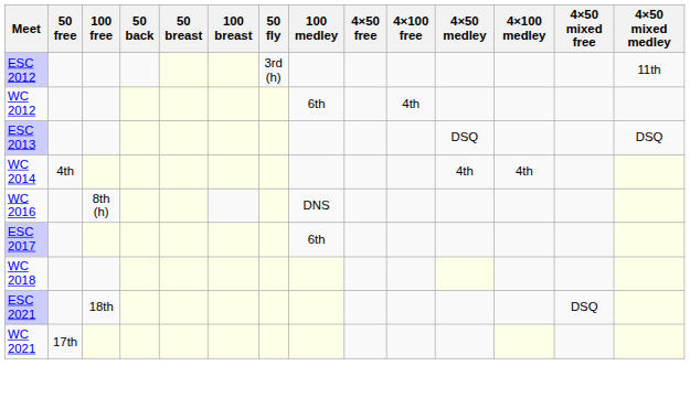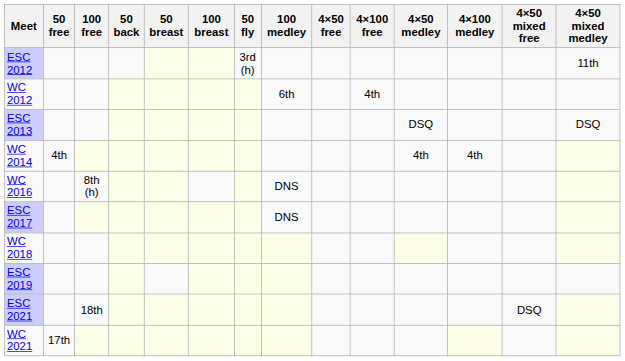 <table class="sortable wikitable">
 <tr>
 <th>Meet</th>
 <th class="unsortable">50 free</th>
 <th class="unsortable">100 free</th>
 <th class="unsortable">50 back</th>
 <th class="unsortable">50 breast</th>
 <th class="unsortable">100 breast</th>
 <th class="unsortable">50 fly</th>
 <th class="unsortable">100 medley</th>
 <th class="unsortable">4×50 free</th>
 <th class="unsortable">4×100 free</th>
 <th class="unsortable">4×50 medley</th>
 <th class="unsortable">4×100 medley</th>
 <th class="unsortable">4×50 mixed free</th>
 <th class="unsortable">4×50 mixed medley</th>
 </tr>
 <tr>
 <td style="background:#ccccff"><a href='#'>ESC 2012</a></td>
 <td align="center"></td>
 <td align="center"></td>
 <td align="center"></td>
 <td style="background:#fdffe7"></td>
 <td style="background:#fdffe7"></td>
 <td align="center">3rd (h)</td>
 <td align="center"></td>
 <td align="center"></td>
 <td></td>
 <td align="center"></td>
 <td></td>
 <td align="center"></td>
 <td align="center">11th</td>
 </tr>
 <tr>
 <td><a href='#'>WC 2012</a></td>
 <td align="center"></td>
 <td align="center"></td>
 <td style="background:#fdffe7"></td>
 <td style="background:#fdffe7"></td>
 <td style="background:#fdffe7"></td>
 <td style="background:#fdffe7"></td>
 <td align="center">6th</td>
 <td></td>
 <td align="center">4th</td>
 <td></td>
 <td align="center"></td>
 <td></td>
 <td></td>
 </tr>
 <tr>
 <td style="background:#ccccff"><a href='#'>ESC 2013</a></td>
 <td align="center"></td>
 <td align="center"></td>
 <td style="background:#fdffe7"></td>
 <td style="background:#fdffe7"></td>
 <td style="background:#fdffe7"></td>
 <td style="background:#fdffe7"></td>
 <td align="center"></td>
 <td align="center"></td>
 <td></td>
 <td align="center">DSQ</td>
 <td></td>
 <td align="center"></td>
 <td align="center">DSQ</td>
 </tr>
 <tr>
 <td><a href='#'>WC 2014</a></td>
 <td align="center">4th</td>
 <td style="background:#fdffe7"></td>
 <td style="background:#fdffe7"></td>
 <td style="background:#fdffe7"></td>
 <td style="background:#fdffe7"></td>
 <td style="background:#fdffe7"></td>
 <td align="center"></td>
 <td align="center"></td>
 <td align="center"></td>
 <td align="center">4th</td>
 <td align="center">4th</td>
 <td align="center"></td>
 <td style="background:#fdffe7"></td>
 </tr>
 <tr>
 <td><a href='#'>WC 2016</a></td>
 <td align="center"></td>
 <td align="center">8th (h)</td>
 <td style="background:#fdffe7"></td>
 <td style="background:#fdffe7"></td>
 <td align="center"></td>
 <td style="background:#fdffe7"></td>
 <td align="center">DNS</td>
 <td align="center"></td>
 <td align="center"></td>
 <td align="center"></td>
 <td align="center"></td>
 <td align="center"></td>
 <td style="background:#fdffe7"></td>
 </tr>
 <tr>
 <td style="background:#ccccff"><a href='#'>ESC 2017</a></td>
 <td align="center"></td>
 <td style="background:#fdffe7"></td>
 <td style="background:#fdffe7"></td>
 <td style="background:#fdffe7"></td>
 <td style="background:#fdffe7"></td>
 <td style="background:#fdffe7"></td>
-<td align="center">6th</td>
+<td align="center">DNS</td>
 <td align="center"></td>
 <td></td>
 <td align="center"></td>
 <td></td>
 <td align="center"></td>
 <td style="background:#fdffe7"></td>
 </tr>
 <tr>
 <td><a href='#'>WC 2018</a></td>
 <td align="center"></td>
 <td align="center"></td>
 <td style="background:#fdffe7"></td>
 <td style="background:#fdffe7"></td>
 <td style="background:#fdffe7"></td>
 <td style="background:#fdffe7"></td>
 <td style="background:#fdffe7"></td>
 <td align="center"></td>
 <td align="center"></td>
 <td style="background:#fdffe7"></td>
 <td align="center"></td>
 <td align="center"></td>
 <td style="background:#fdffe7"></td>
+</tr>
+<tr>
+<td style="background:#ccccff"><a href='#'>ESC 2019</a></td>
+<td align="center"></td>
+<td align="center"></td>
+<td style="background:#fdffe7"></td>
+<td align="center"></td>
+<td style="background:#fdffe7"></td>
+<td style="background:#fdffe7"></td>
+<td style="background:#fdffe7"></td>
+<td align="center"></td>
+<td></td>
+<td align="center"></td>
+<td></td>
+<td align="center"></td>
+<td align="center"></td>
 </tr>
 <tr>
 <td style="background:#ccccff"><a href='#'>ESC 2021</a></td>
 <td align="center"></td>
 <td align="center">18th</td>
 <td style="background:#fdffe7"></td>
 <td style="background:#fdffe7"></td>
 <td style="background:#fdffe7"></td>
 <td style="background:#fdffe7"></td>
 <td style="background:#fdffe7"></td>
 <td align="center"></td>
 <td></td>
 <td align="center"></td>
 <td></td>
 <td align="center">DSQ</td>
 <td style="background:#fdffe7"></td>
 </tr>
 <tr>
 <td><a href='#'>WC 2021</a></td>
 <td align="center">17th</td>
 <td style="background:#fdffe7"></td>
 <td style="background:#fdffe7"></td>
 <td style="background:#fdffe7"></td>
 <td style="background:#fdffe7"></td>
 <td style="background:#fdffe7"></td>
 <td style="background:#fdffe7"></td>
 <td align="center"></td>
 <td align="center"></td>
 <td align="center"></td>
 <td style="background:#fdffe7"></td>
 <td align="center"></td>
 <td style="background:#fdffe7"></td>
 </tr>
 </table>
